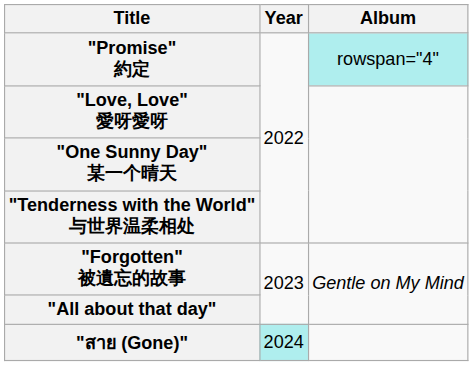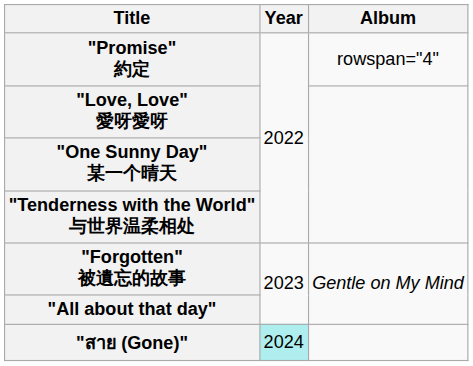 <table class="wikitable plainrowheaders" style="text-align:center">
 <tr>
 <th scope="col">Title</th>
 <th scope="col">Year</th>
 <th scope="col">Album</th>
 </tr>
 <tr>
 <th scope="row">"Promise"<br> 約定</th>
 <td rowspan="4">2022</td>
-<td style="background: paleturquoise;">rowspan="4" </td>
+<td>rowspan="4" </td>
 </tr>
 <tr>
 <th scope="row">"Love, Love"<br> 愛呀愛呀</th>
 </tr>
 <tr>
 <th scope="row">"One Sunny Day"<br>某一个晴天</th>
 </tr>
 <tr>
 <th scope="row">"Tenderness with the World"<br>与世界温柔相处</th>
 </tr>
 <tr>
 <th scope="row">"Forgotten" <br>被遺忘的故事</th>
 <td rowspan="2">2023</td>
 <td rowspan="2"><em>Gentle on My Mind</em></td>
 </tr>
 <tr>
 <th scope="row">"All about that day"</th>
 </tr>
 <tr>
 <th scope="row">"สาย (Gone)"</th>
 <td style="background: paleturquoise;">2024</td>
 <td></td>
 </tr>
 </table>
